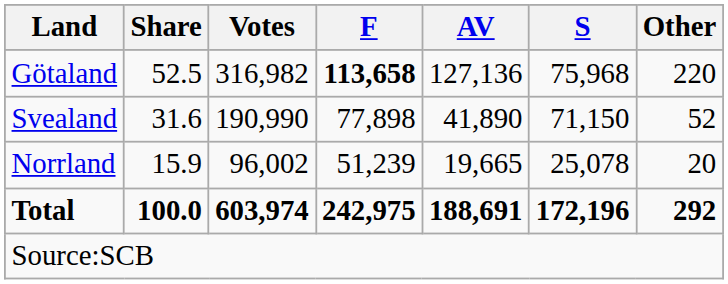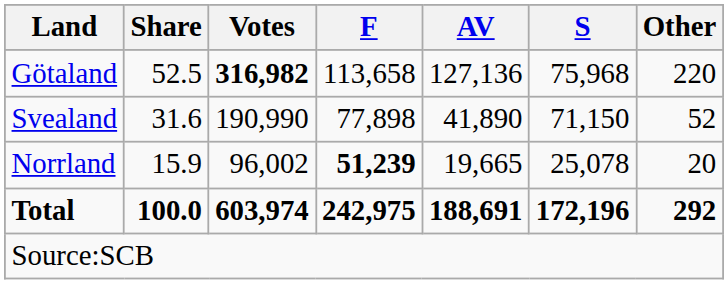 <table class="wikitable sortable" style=text-align:right>
 <tr>
 <th>Land</th>
 <th>Share</th>
 <th>Votes</th>
 <th><a href='#'>F</a></th>
 <th><a href='#'>AV</a></th>
 <th><a href='#'>S</a></th>
 <th>Other</th>
 </tr>
 <tr>
 <td align=left><a href='#'>Götaland</a></td>
 <td>52.5</td>
-<td>316,982</td>
-<td><strong>113,658</strong></td>
+<td><strong>316,982</strong></td>
+<td>113,658</td>
 <td>127,136</td>
 <td>75,968</td>
 <td>220</td>
 </tr>
 <tr>
 <td align=left><a href='#'>Svealand</a></td>
 <td>31.6</td>
 <td>190,990</td>
 <td>77,898</td>
 <td>41,890</td>
 <td>71,150</td>
 <td>52</td>
 </tr>
 <tr>
 <td align=left><a href='#'>Norrland</a></td>
 <td>15.9</td>
 <td>96,002</td>
-<td>51,239</td>
+<td><strong>51,239</strong></td>
 <td>19,665</td>
 <td>25,078</td>
 <td>20</td>
 </tr>
 <tr>
 <td align=left><strong>Total</strong></td>
 <td><strong>100.0</strong></td>
 <td><strong>603,974</strong></td>
 <td><strong>242,975</strong></td>
 <td><strong>188,691</strong></td>
 <td><strong>172,196</strong></td>
 <td><strong>292</strong></td>
 </tr>
 <tr>
 <td align=left colspan=7>Source:SCB </td>
 </tr>
 </table>
